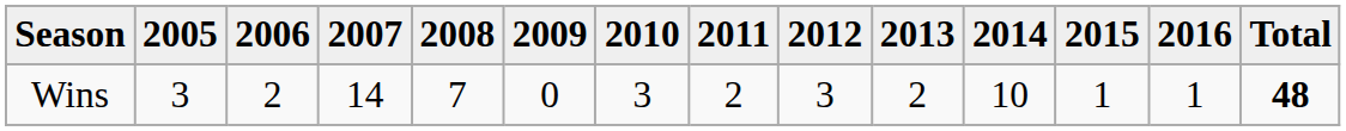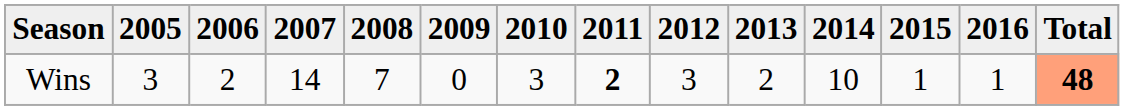 <table class="wikitable">
 <tr style=background:#efefef;font-weight:bold>
 <td>Season</td>
 <td>2005</td>
 <td>2006</td>
 <td>2007</td>
 <td>2008</td>
 <td>2009</td>
 <td>2010</td>
 <td>2011</td>
 <td>2012</td>
 <td>2013</td>
 <td>2014</td>
 <td>2015</td>
 <td>2016</td>
 <td><strong>Total</strong></td>
 </tr>
 <tr align=center>
 <td>Wins</td>
 <td>3</td>
 <td>2</td>
 <td>14</td>
 <td>7</td>
 <td>0</td>
 <td>3</td>
-<td>2</td>
+<td><strong>2</strong></td>
 <td>3</td>
 <td>2</td>
 <td>10</td>
 <td>1</td>
 <td>1</td>
-<td><strong>48</strong></td>
+<td style="background: lightsalmon;"><strong>48</strong></td>
 </tr>
 </table>
